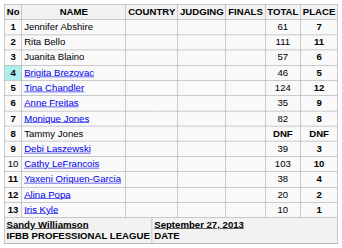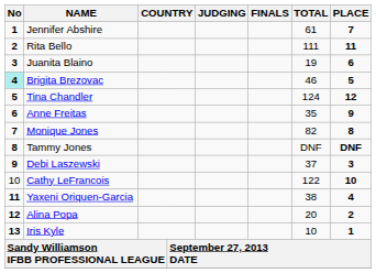 <table class="wikitable">
 <tr>
 <th>No</th>
 <th>NAME</th>
 <th colspan="2">COUNTRY</th>
 <th>JUDGING</th>
 <th>FINALS</th>
 <th>TOTAL</th>
 <th>PLACE</th>
 </tr>
 <tr>
 <td style="text-align: center"><strong>1</strong></td>
 <td>Jennifer Abshire</td>
 <td colspan="2"></td>
 <td></td>
 <td></td>
 <td style="text-align: center">61</td>
 <td style="text-align: center"><strong>7</strong></td>
 </tr>
 <tr>
 <td style="text-align: center"><strong>2</strong></td>
 <td>Rita Bello</td>
 <td colspan="2"></td>
 <td></td>
 <td></td>
 <td style="text-align: center">111</td>
 <td style="text-align: center"><strong>11</strong></td>
 </tr>
 <tr>
 <td style="text-align: center"><strong>3</strong></td>
 <td>Juanita Blaino</td>
 <td colspan="2"></td>
 <td></td>
 <td></td>
-<td style="text-align: center">57</td>
+<td style="text-align: center">19</td>
 <td style="text-align: center"><strong>6</strong></td>
 </tr>
 <tr>
 <td style="background: paleturquoise; text-align: center"><strong>4</strong></td>
 <td><a href='#'>Brigita Brezovac</a></td>
 <td colspan="2"></td>
 <td></td>
 <td></td>
 <td style="text-align: center">46</td>
 <td style="text-align: center"><strong>5</strong></td>
 </tr>
 <tr>
 <td style="text-align: center"><strong>5</strong></td>
 <td><a href='#'>Tina Chandler</a></td>
 <td colspan="2"></td>
 <td></td>
 <td></td>
 <td style="text-align: center">124</td>
 <td style="text-align: center"><strong>12</strong></td>
 </tr>
 <tr>
 <td style="text-align: center"><strong>6</strong></td>
 <td><a href='#'>Anne Freitas</a></td>
 <td colspan="2"></td>
 <td></td>
 <td></td>
 <td style="text-align: center">35</td>
 <td style="text-align: center"><strong>9</strong></td>
 </tr>
 <tr>
 <td style="text-align: center"><strong>7</strong></td>
 <td><a href='#'>Monique Jones</a></td>
 <td colspan="2"></td>
 <td></td>
 <td></td>
 <td style="text-align: center">82</td>
 <td style="text-align: center"><strong>8</strong></td>
 </tr>
 <tr>
 <td style="text-align: center"><strong>8</strong></td>
 <td>Tammy Jones</td>
 <td colspan="2"></td>
 <td></td>
 <td></td>
-<td style="text-align: center"><strong>DNF </strong></td>
+<td style="text-align: center">DNF </td>
 <td style="text-align: center"><strong>DNF</strong></td>
 </tr>
 <tr>
 <td style="text-align: center"><strong>9</strong></td>
 <td><a href='#'>Debi Laszewski</a></td>
 <td colspan="2"></td>
 <td></td>
 <td></td>
-<td style="text-align: center">39</td>
+<td style="text-align: center">37</td>
 <td style="text-align: center"><strong>3</strong></td>
 </tr>
 <tr>
 <td style="text-align: center">10</td>
 <td><a href='#'>Cathy LeFrancois</a></td>
 <td colspan="2"></td>
 <td></td>
 <td></td>
-<td style="text-align: center">103</td>
+<td style="text-align: center">122</td>
 <td style="text-align: center"><strong>10</strong></td>
 </tr>
 <tr>
 <td style="text-align: center"><strong>11</strong></td>
 <td><a href='#'>Yaxeni Oriquen-Garcia</a></td>
 <td colspan="2"></td>
 <td></td>
 <td></td>
 <td style="text-align: center">38</td>
 <td style="text-align: center"><strong>4</strong></td>
 </tr>
 <tr>
 <td style="text-align: center"><strong>12</strong></td>
 <td><a href='#'>Alina Popa</a></td>
 <td colspan="2"></td>
 <td></td>
 <td></td>
 <td style="text-align: center">20</td>
 <td style="text-align: center"><strong>2</strong></td>
 </tr>
 <tr>
 <td style="text-align: center"><strong>13</strong></td>
 <td><a href='#'>Iris Kyle</a></td>
 <td colspan="2"></td>
 <td></td>
 <td></td>
 <td style="text-align: center">10</td>
 <td style="text-align: center"><strong>1</strong></td>
 </tr>
 <tr>
 <th colspan="3" style="text-align: left"><u>Sandy Williamson</u><br>IFBB PROFESSIONAL LEAGUE</th>
 <th colspan="5" style="text-align: left"><u>September 27, 2013</u><br>DATE</th>
 </tr>
 <tr>
 </tr>
 </table>
